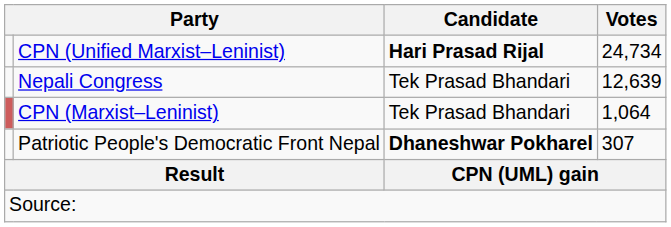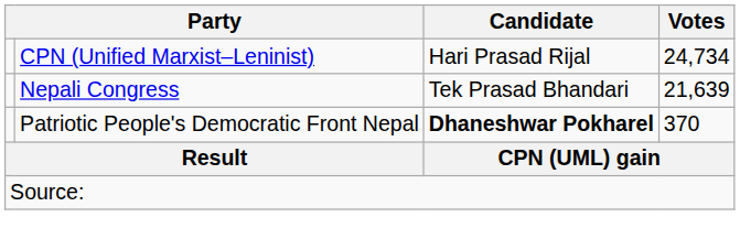 <table class="wikitable">
 <tr>
 <th colspan="2">Party</th>
 <th>Candidate</th>
 <th>Votes</th>
 </tr>
 <tr>
 <td style="background-color:"></td>
 <td><a href='#'>CPN (Unified Marxist–Leninist)</a></td>
-<td><strong>Hari Prasad Rijal</strong></td>
+<td>Hari Prasad Rijal</td>
 <td>24,734</td>
 </tr>
 <tr>
 <td style="background-color:"></td>
 <td><a href='#'>Nepali Congress</a></td>
 <td>Tek Prasad Bhandari</td>
-<td>12,639</td>
-</tr>
-<tr>
-<td style="background-color:indianred"></td>
-<td><a href='#'>CPN (Marxist–Leninist)</a></td>
-<td>Tek Prasad Bhandari</td>
-<td>1,064</td>
+<td>21,639</td>
 </tr>
 <tr>
 <td></td>
 <td>Patriotic People's Democratic Front Nepal</td>
 <td><strong>Dhaneshwar Pokharel</strong></td>
-<td>307</td>
+<td>370</td>
 </tr>
 <tr>
 <th colspan="2">Result</th>
 <th colspan="2">CPN (UML) gain</th>
 </tr>
 <tr>
 <td colspan="4">Source: </td>
 </tr>
 </table>
